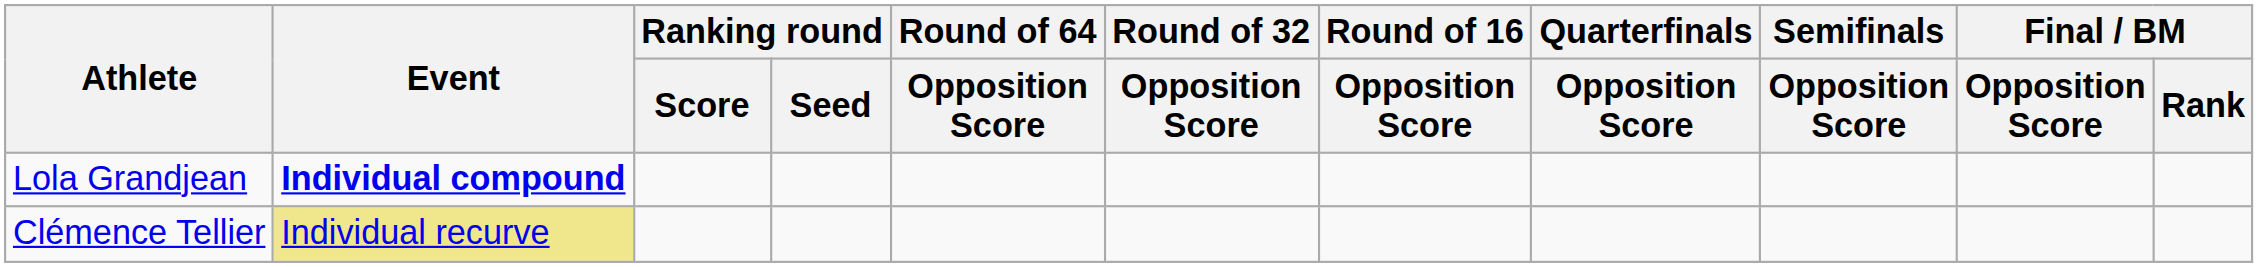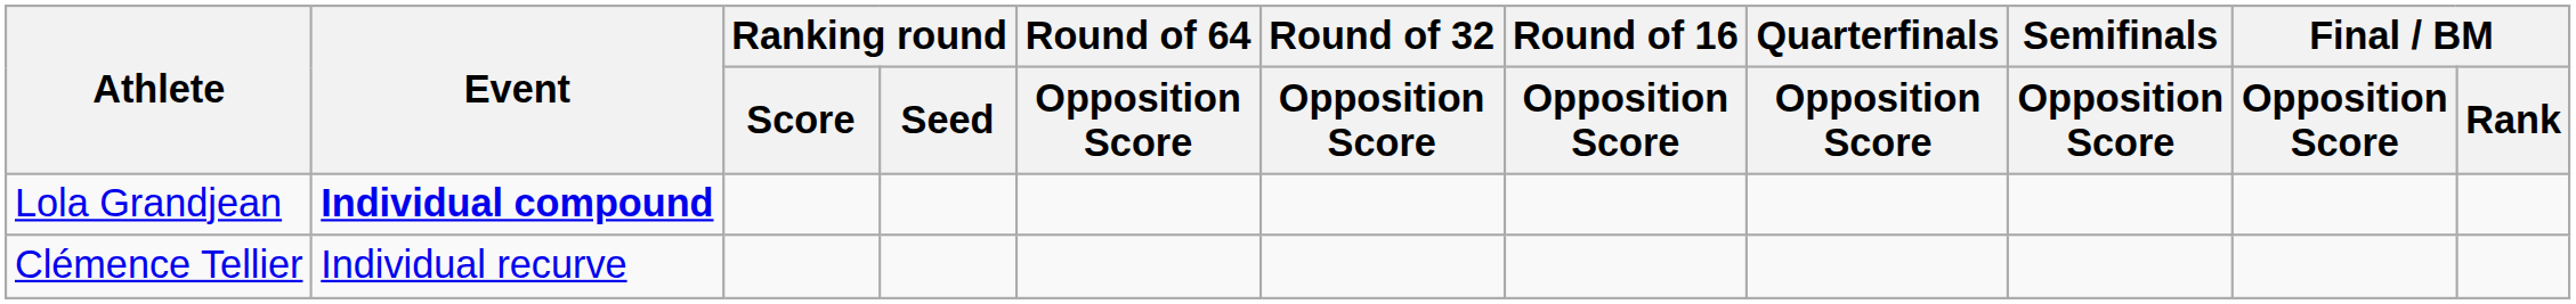 <table class="wikitable">
 <tr>
 <th rowspan="2">Athlete</th>
 <th rowspan="2">Event</th>
 <th colspan="2">Ranking round</th>
 <th>Round of 64</th>
 <th>Round of 32</th>
 <th>Round of 16</th>
 <th>Quarterfinals</th>
 <th>Semifinals</th>
 <th colspan="2">Final / <abbr>BM</abbr></th>
 </tr>
 <tr>
 <th>Score</th>
 <th>Seed</th>
 <th>Opposition<br>Score</th>
 <th>Opposition<br>Score</th>
 <th>Opposition<br>Score</th>
 <th>Opposition<br>Score</th>
 <th>Opposition<br>Score</th>
 <th>Opposition<br>Score</th>
 <th>Rank</th>
 </tr>
 <tr>
 <td><a href='#'>Lola Grandjean</a></td>
 <td><strong><a href='#'>Individual compound</a></strong></td>
 <td></td>
 <td></td>
 <td></td>
 <td></td>
 <td></td>
 <td></td>
 <td></td>
 <td></td>
 <td></td>
 </tr>
 <tr>
 <td><a href='#'>Clémence Tellier</a></td>
-<td style="background: khaki;"><a href='#'>Individual recurve</a></td>
+<td><a href='#'>Individual recurve</a></td>
 <td></td>
 <td></td>
 <td></td>
 <td></td>
 <td></td>
 <td></td>
 <td></td>
 <td></td>
 <td></td>
 </tr>
 </table>
